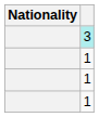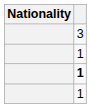 <table class="wikitable plainrowheaders">
 <tr>
 <th scope="col">Nationality</th>
 <th scope="col"></th>
 </tr>
 <tr>
 <th scope="row"></th>
-<td style="background: paleturquoise; text-align:center">3</td>
+<td style="text-align:center">3</td>
 </tr>
 <tr>
 <th scope="row"></th>
 <td style="text-align:center">1</td>
 </tr>
 <tr>
 <th scope="row"></th>
-<td style="text-align:center">1</td>
+<td style="text-align:center"><strong>1</strong></td>
 </tr>
 <tr>
 <th scope="row"></th>
 <td style="text-align:center">1</td>
 </tr>
 </table>
